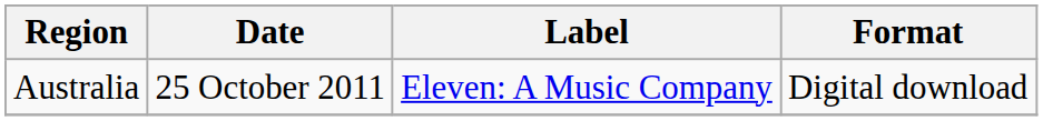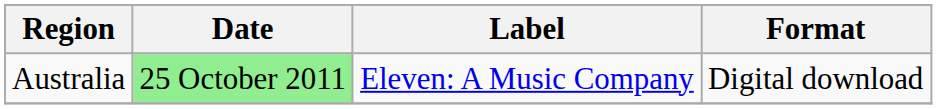 <table class="wikitable plainrowheaders">
 <tr>
 <th>Region</th>
 <th>Date</th>
 <th>Label</th>
 <th>Format</th>
 </tr>
 <tr>
 <td>Australia</td>
-<td>25 October 2011</td>
+<td style="background: lightgreen;">25 October 2011</td>
 <td><a href='#'>Eleven: A Music Company</a></td>
 <td>Digital download</td>
 </tr>
 <tr>
 </tr>
 </table>
